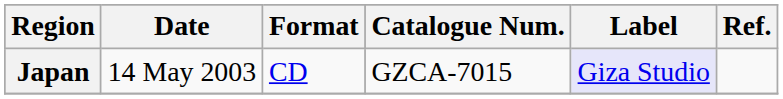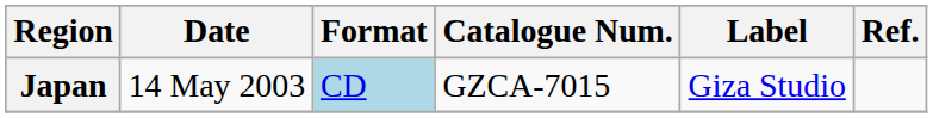 <table class="wikitable sortable plainrowheaders">
 <tr>
 <th scope="col">Region</th>
 <th scope="col">Date</th>
 <th scope="col">Format</th>
 <th scope="col">Catalogue Num.</th>
 <th scope="col">Label</th>
 <th scope="col">Ref.</th>
 </tr>
 <tr>
 <th scope="row">Japan</th>
 <td>14 May 2003</td>
-<td><a href='#'>CD</a></td>
+<td style="background: lightblue;"><a href='#'>CD</a></td>
 <td>GZCA-7015</td>
-<td style="background: lavender;"><a href='#'>Giza Studio</a></td>
+<td><a href='#'>Giza Studio</a></td>
 <td></td>
 </tr>
 <tr>
 </tr>
 </table>
